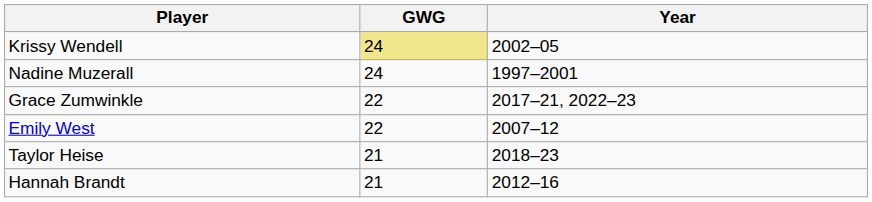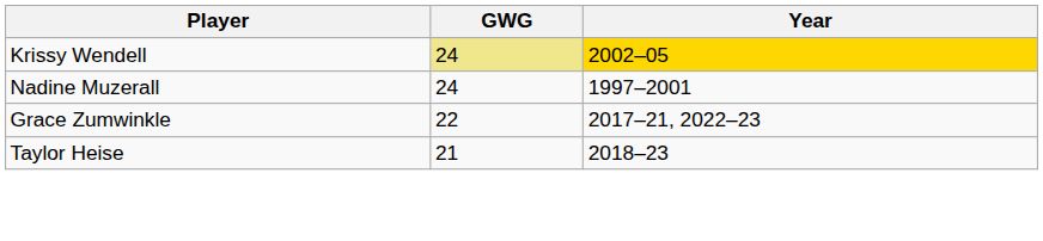 <table class="wikitable" style="width: 50em">
 <tr>
 <th>Player</th>
 <th>GWG</th>
 <th>Year</th>
 </tr>
 <tr>
 <td>Krissy Wendell</td>
 <td style="background: khaki;">24</td>
-<td>2002–05</td>
+<td style="background: gold;">2002–05</td>
 </tr>
 <tr>
 <td>Nadine Muzerall</td>
 <td>24</td>
 <td>1997–2001</td>
 </tr>
 <tr>
 <td>Grace Zumwinkle</td>
 <td>22</td>
 <td>2017–21, 2022–23</td>
 </tr>
 <tr>
-<td><a href='#'>Emily West</a></td>
-<td>22</td>
-<td>2007–12</td>
-</tr>
-<tr>
 <td>Taylor Heise</td>
 <td>21</td>
 <td>2018–23</td>
 </tr>
-<tr>
-<td>Hannah Brandt</td>
-<td>21</td>
-<td>2012–16</td>
-</tr>
 </table>
